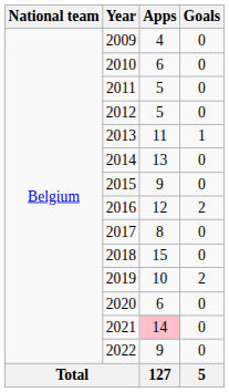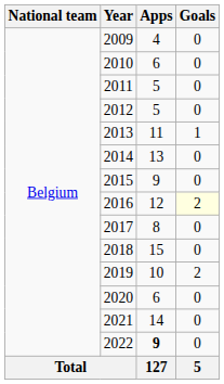 <table class="wikitable" style="text-align:center">
 <tr>
 <th>National team</th>
 <th>Year</th>
 <th>Apps</th>
 <th>Goals</th>
 </tr>
 <tr>
 <td rowspan="14"><a href='#'>Belgium</a></td>
 <td>2009</td>
 <td>4</td>
 <td>0</td>
 </tr>
 <tr>
 <td>2010</td>
 <td>6</td>
 <td>0</td>
 </tr>
 <tr>
 <td>2011</td>
 <td>5</td>
 <td>0</td>
 </tr>
 <tr>
 <td>2012</td>
 <td>5</td>
 <td>0</td>
 </tr>
 <tr>
 <td>2013</td>
 <td>11</td>
 <td>1</td>
 </tr>
 <tr>
 <td>2014</td>
 <td>13</td>
 <td>0</td>
 </tr>
 <tr>
 <td>2015</td>
 <td>9</td>
 <td>0</td>
 </tr>
 <tr>
 <td>2016</td>
 <td>12</td>
-<td>2</td>
+<td style="background: lightyellow;">2</td>
 </tr>
 <tr>
 <td>2017</td>
 <td>8</td>
 <td>0</td>
 </tr>
 <tr>
 <td>2018</td>
 <td>15</td>
 <td>0</td>
 </tr>
 <tr>
 <td>2019</td>
 <td>10</td>
 <td>2</td>
 </tr>
 <tr>
 <td>2020</td>
 <td>6</td>
 <td>0</td>
 </tr>
 <tr>
 <td>2021</td>
-<td style="background: pink;">14</td>
+<td>14</td>
 <td>0</td>
 </tr>
 <tr>
 <td>2022</td>
-<td>9</td>
+<td><strong>9</strong></td>
 <td>0</td>
 </tr>
 <tr>
 <th colspan=2>Total</th>
 <th>127</th>
 <th>5</th>
 </tr>
 </table>
